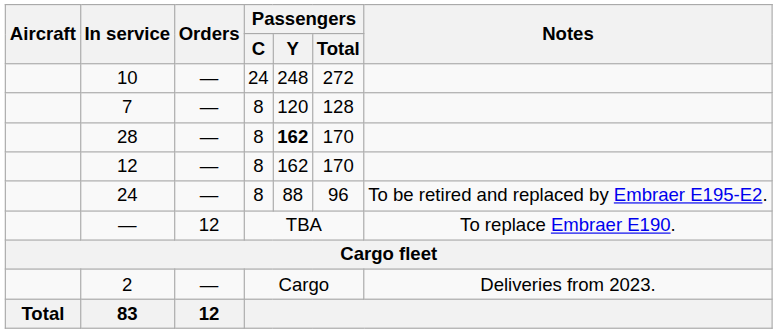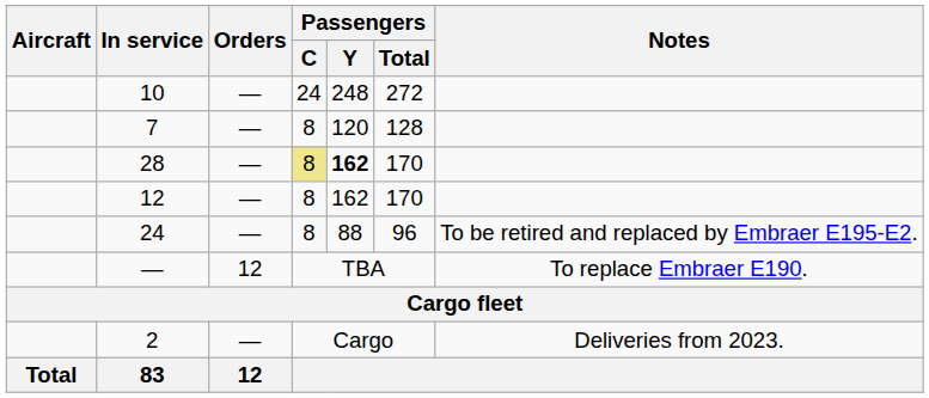 <table class="wikitable" style="border-collapse:collapse; text-align:center; margin:auto;">
 <tr>
 <th rowspan="2">Aircraft</th>
 <th rowspan="2">In service</th>
 <th rowspan="2">Orders</th>
 <th colspan="3">Passengers</th>
 <th rowspan="2">Notes</th>
 </tr>
 <tr>
 <th><abbr>C</abbr></th>
 <th><abbr>Y</abbr></th>
 <th>Total</th>
 </tr>
 <tr>
 <td></td>
 <td>10</td>
 <td>—</td>
 <td>24</td>
 <td>248</td>
 <td>272</td>
 <td></td>
 </tr>
 <tr>
 <td></td>
 <td>7</td>
 <td>—</td>
 <td>8</td>
 <td>120</td>
 <td>128</td>
 <td></td>
 </tr>
 <tr>
 <td></td>
 <td>28</td>
 <td>—</td>
-<td>8</td>
+<td style="background: khaki;">8</td>
 <td><strong>162</strong></td>
 <td>170</td>
 <td></td>
 </tr>
 <tr>
 <td></td>
 <td>12</td>
 <td>—</td>
 <td>8</td>
 <td>162</td>
 <td>170</td>
 <td></td>
 </tr>
 <tr>
 <td></td>
 <td>24</td>
 <td>—</td>
 <td>8</td>
 <td>88</td>
 <td>96</td>
 <td>To be retired and replaced by <a href='#'>Embraer E195-E2</a>.</td>
 </tr>
 <tr>
 <td></td>
 <td>—</td>
 <td>12</td>
 <td colspan="3"><abbr>TBA</abbr></td>
 <td>To replace <a href='#'>Embraer E190</a>.</td>
 </tr>
 <tr>
 <th colspan="7">Cargo fleet</th>
 </tr>
 <tr>
 <td></td>
 <td>2</td>
 <td>—</td>
 <td colspan="3"><abbr>Cargo</abbr></td>
 <td>Deliveries from 2023.</td>
 </tr>
 <tr>
 <th>Total</th>
 <th>83</th>
 <th>12</th>
 <th colspan="4"></th>
 </tr>
 </table>
